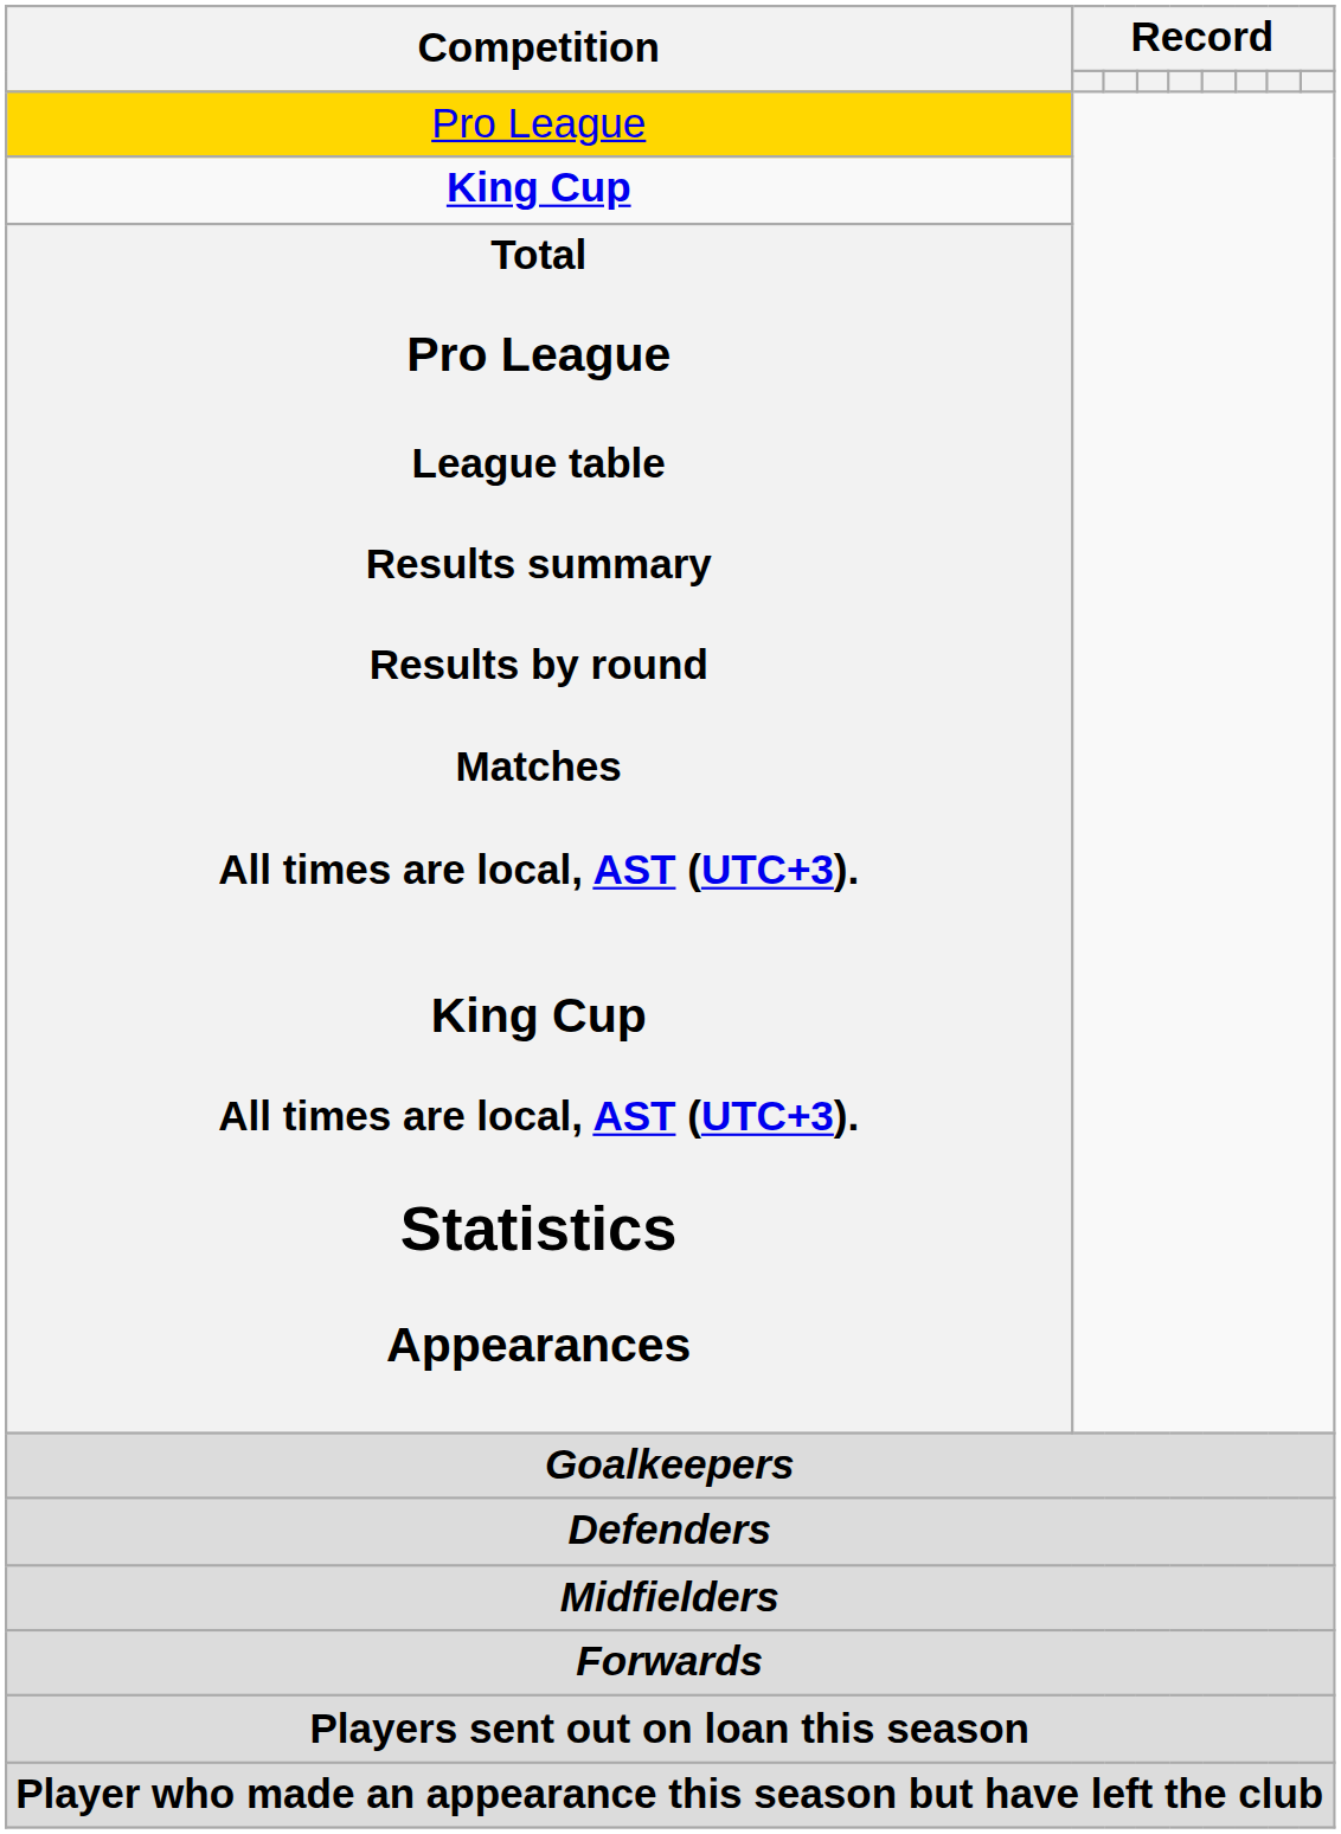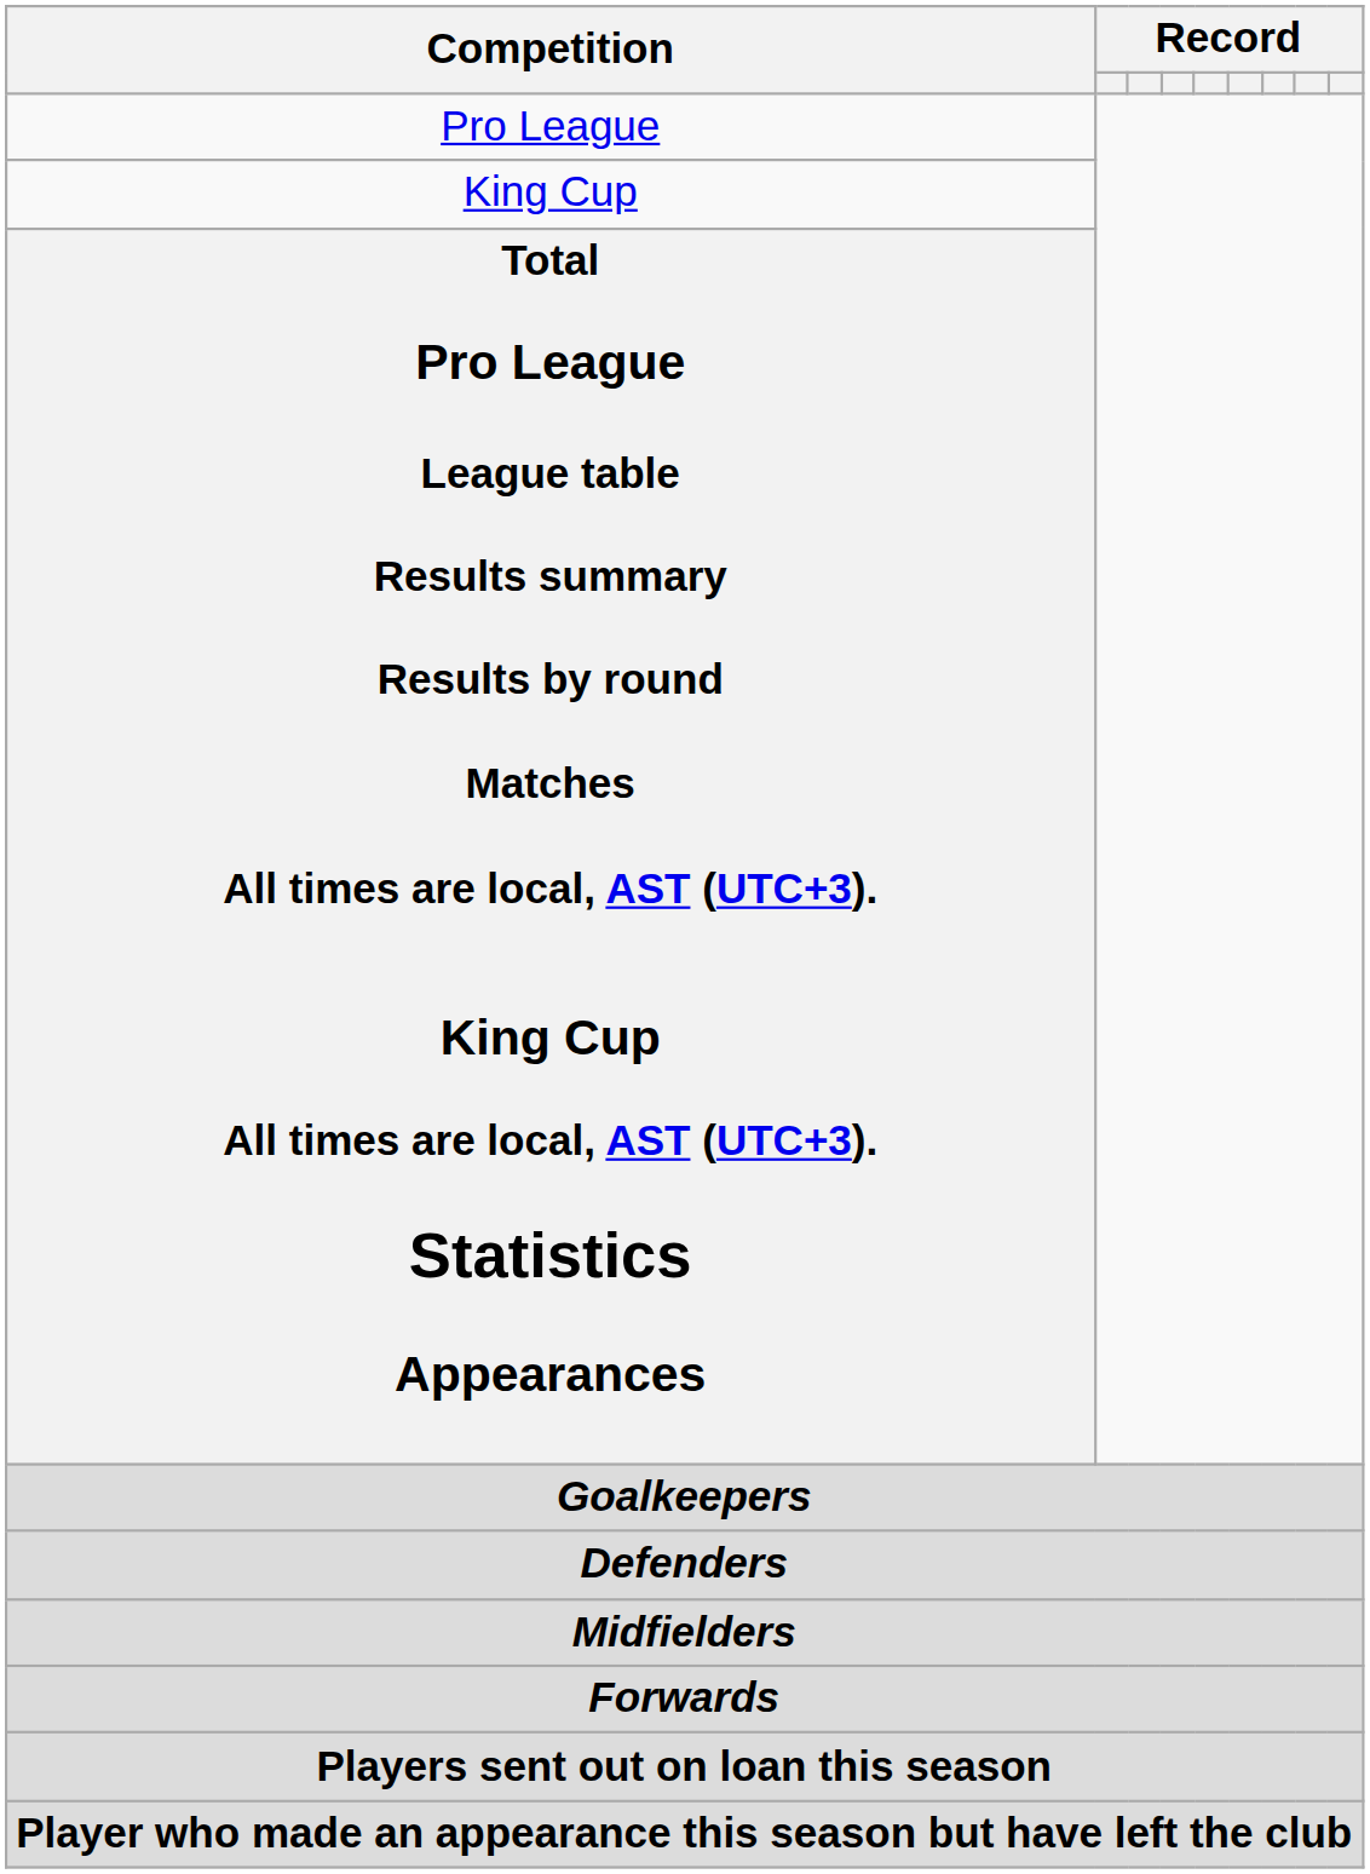 <table class="wikitable" style="text-align: center">
 <tr>
 <th rowspan=2>Competition</th>
 <th colspan=8>Record</th>
 </tr>
 <tr>
 <th></th>
 <th></th>
 <th></th>
 <th></th>
 <th></th>
 <th></th>
 <th></th>
 <th></th>
 </tr>
 <tr>
-<td style="background: gold;"><a href='#'>Pro League</a><br></td>
+<td><a href='#'>Pro League</a><br></td>
 </tr>
 <tr>
-<td><strong><a href='#'>King Cup</a><br></strong></td>
+<td><a href='#'>King Cup</a><br></td>
 </tr>
 <tr>
 <th>Total<br> <h3>Pro League</h3><h4>League table</h4><h4>Results summary</h4> <h4>Results by round</h4><h4>Matches</h4>All times are local, <a href='#'>AST</a> (<a href='#'>UTC+3</a>).<br>   <br>                             <h3>King Cup</h3> All times are local, <a href='#'>AST</a> (<a href='#'>UTC+3</a>).<br> <h2>Statistics</h2><h3>Appearances</h3></th>
 </tr>
 <tr>
 <th colspan=10 style=background:#dcdcdc; text-align:center><em>Goalkeepers</em><br>    </th>
 </tr>
 <tr>
 <th colspan=10 style=background:#dcdcdc; text-align:center><em>Defenders</em><br>         </th>
 </tr>
 <tr>
 <th colspan=10 style=background:#dcdcdc; text-align:center><em>Midfielders</em><br>              </th>
 </tr>
 <tr>
 <th colspan=10 style=background:#dcdcdc; text-align:center><em>Forwards</em><br>    </th>
 </tr>
 <tr>
 <th colspan=14 style=background:#dcdcdc; text-align:center>Players sent out on loan this season<br> </th>
 </tr>
 <tr>
 <th colspan=18 style=background:#dcdcdc; text-align:center>Player who made an appearance this season but have left the club<br>  </th>
 </tr>
 </table>
